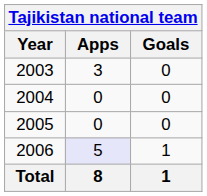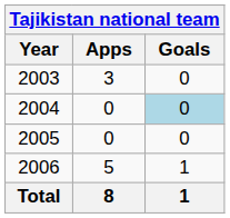 <table class="wikitable" style="text-align:center">
 <tr>
 <th colspan=3><a href='#'>Tajikistan national team</a></th>
 </tr>
 <tr>
 <th>Year</th>
 <th>Apps</th>
 <th>Goals</th>
 </tr>
 <tr>
 <td>2003</td>
 <td>3</td>
 <td>0</td>
 </tr>
 <tr>
 <td>2004</td>
 <td>0</td>
-<td>0</td>
+<td style="background: lightblue;">0</td>
 </tr>
 <tr>
 <td>2005</td>
 <td>0</td>
 <td>0</td>
 </tr>
 <tr>
 <td>2006</td>
-<td style="background: lavender;">5</td>
+<td>5</td>
 <td>1</td>
 </tr>
 <tr>
 <th>Total</th>
 <th>8</th>
 <th>1</th>
 </tr>
 </table>
